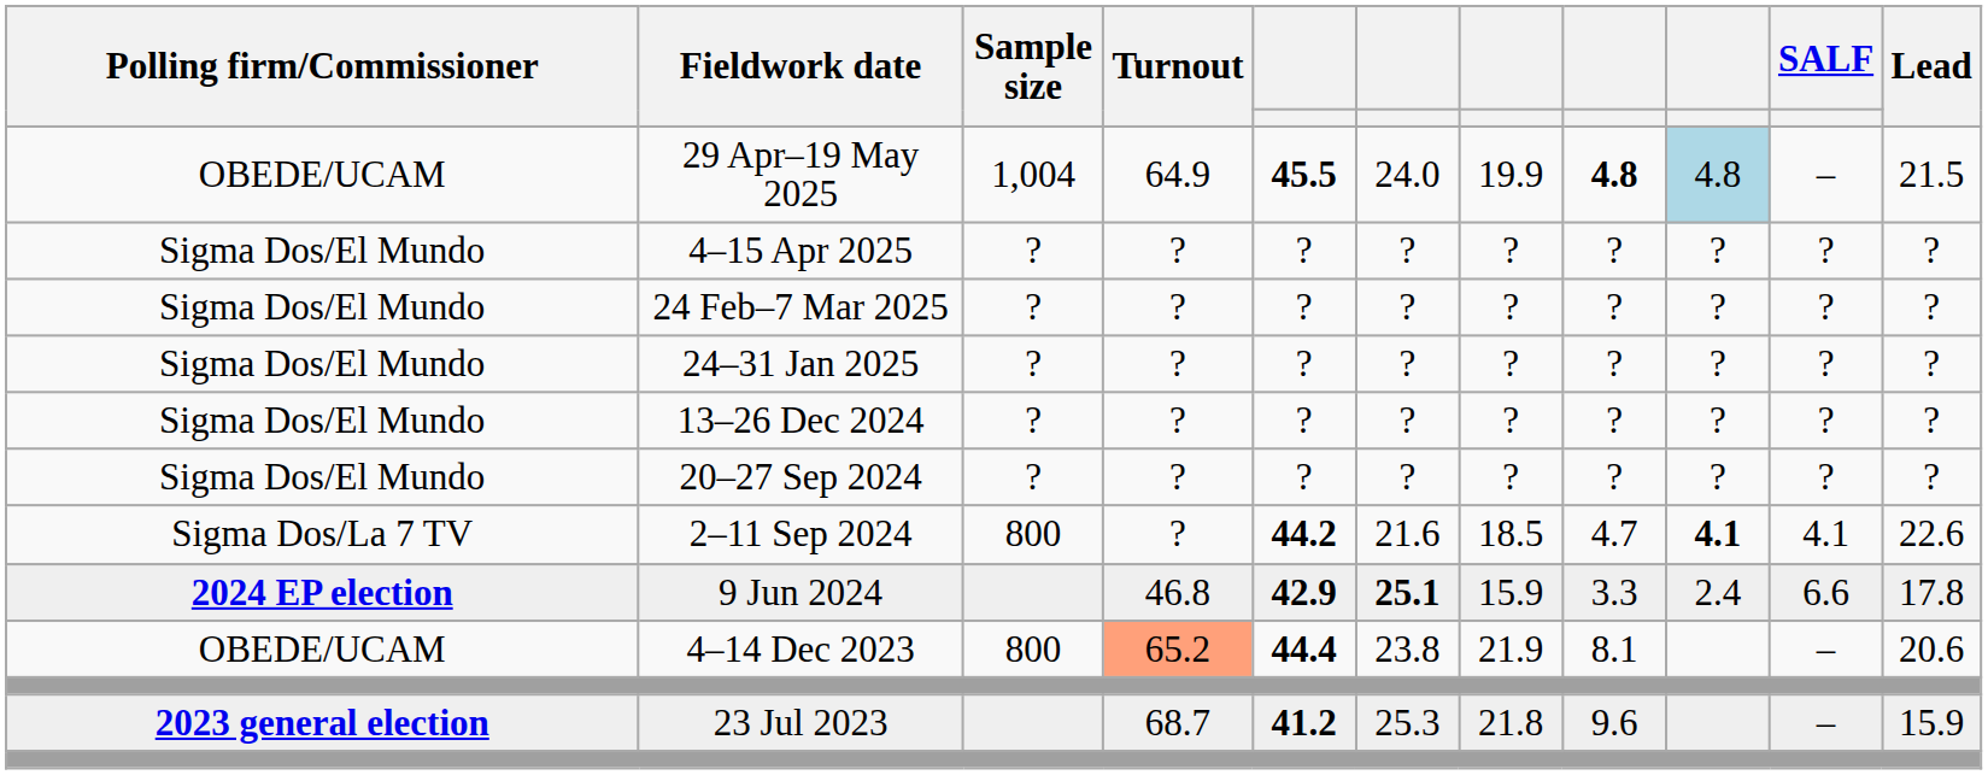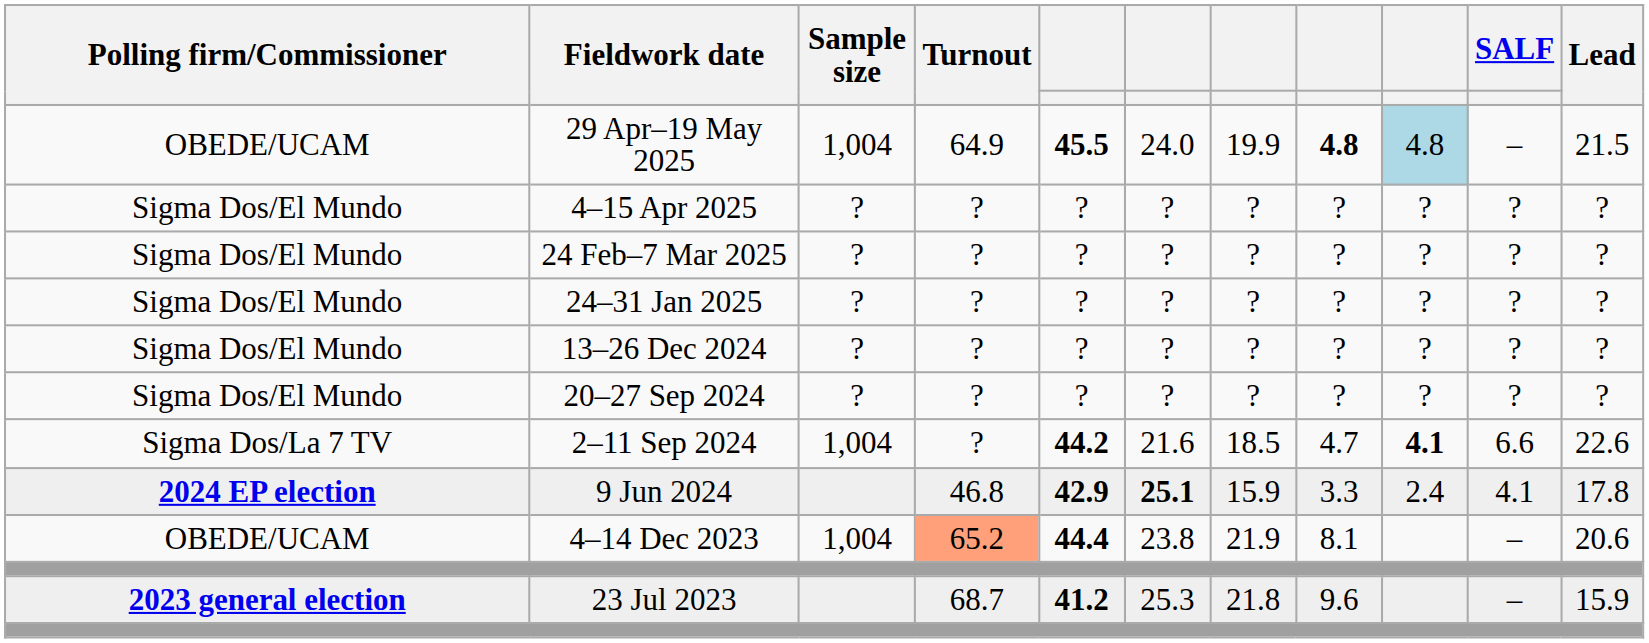 <table class="wikitable collapsible collapsed" style="text-align:center; font-size:95%; line-height:16px;">
 <tr style="height:42px;">
 <th style="width:250px;" rowspan="2">Polling firm/Commissioner</th>
 <th style="width:125px;" rowspan="2">Fieldwork date</th>
 <th style="width:50px;" rowspan="2">Sample size</th>
 <th style="width:45px;" rowspan="2">Turnout</th>
 <th style="width:35px;"></th>
 <th style="width:35px;"></th>
 <th style="width:35px;"></th>
 <th style="width:35px;"></th>
 <th style="width:35px;"></th>
 <th style="width:35px;"><a href='#'>SALF</a></th>
 <th style="width:30px;" rowspan="2">Lead</th>
 </tr>
 <tr>
 <th style="color:inherit;background:"></th>
 <th style="color:inherit;background:"></th>
 <th style="color:inherit;background:"></th>
 <th style="color:inherit;background:"></th>
 <th style="color:inherit;background:"></th>
 <th style="color:inherit;background:"></th>
 </tr>
 <tr>
 <td>OBEDE/UCAM</td>
 <td>29 Apr–19 May 2025</td>
 <td>1,004</td>
 <td>64.9</td>
 <td><strong>45.5</strong><br></td>
 <td>24.0<br></td>
 <td>19.9<br></td>
 <td><strong>4.8<br></strong></td>
 <td style="background: lightblue;">4.8<br></td>
 <td>–</td>
 <td style="background:">21.5</td>
 </tr>
 <tr>
 <td>Sigma Dos/El Mundo</td>
 <td>4–15 Apr 2025</td>
 <td>?</td>
 <td>?</td>
 <td>?<br></td>
 <td>?<br></td>
 <td>?<br></td>
 <td>?<br></td>
 <td>?<br></td>
 <td>?<br></td>
 <td style="background:">?</td>
 </tr>
 <tr>
 <td>Sigma Dos/El Mundo</td>
 <td>24 Feb–7 Mar 2025</td>
 <td>?</td>
 <td>?</td>
 <td>?<br></td>
 <td>?<br></td>
 <td>?<br></td>
 <td>?<br></td>
 <td>?<br></td>
 <td>?<br></td>
 <td style="background:">?</td>
 </tr>
 <tr>
 <td>Sigma Dos/El Mundo</td>
 <td>24–31 Jan 2025</td>
 <td>?</td>
 <td>?</td>
 <td>?<br></td>
 <td>?<br></td>
 <td>?<br></td>
 <td>?<br></td>
 <td>?<br></td>
 <td>?<br></td>
 <td style="background:">?</td>
 </tr>
 <tr>
 <td>Sigma Dos/El Mundo</td>
 <td>13–26 Dec 2024</td>
 <td>?</td>
 <td>?</td>
 <td>?<br></td>
 <td>?<br></td>
 <td>?<br></td>
 <td>?<br></td>
 <td>?<br></td>
 <td>?<br></td>
 <td style="background:">?</td>
 </tr>
 <tr>
 <td>Sigma Dos/El Mundo</td>
 <td>20–27 Sep 2024</td>
 <td>?</td>
 <td>?</td>
 <td>?<br></td>
 <td>?<br></td>
 <td>?<br></td>
 <td>?<br></td>
 <td>?<br></td>
 <td>?<br></td>
 <td style="background:">?</td>
 </tr>
 <tr>
 <td>Sigma Dos/La 7 TV</td>
 <td>2–11 Sep 2024</td>
-<td>800</td>
+<td>1,004</td>
 <td>?</td>
 <td><strong>44.2</strong><br></td>
 <td>21.6<br></td>
 <td>18.5<br></td>
 <td>4.7<br></td>
 <td><strong>4.1<br></strong></td>
-<td>4.1<br></td>
+<td>6.6<br></td>
 <td style="background:">22.6</td>
 </tr>
 <tr style="background:#EFEFEF;">
 <td><strong><a href='#'>2024 EP election</a></strong></td>
 <td>9 Jun 2024</td>
 <td></td>
 <td>46.8</td>
 <td><strong>42.9</strong><br></td>
 <td><strong>25.1<br></strong></td>
 <td>15.9<br></td>
 <td>3.3<br></td>
 <td>2.4<br></td>
-<td>6.6<br></td>
+<td>4.1<br></td>
 <td style="background:">17.8</td>
 </tr>
 <tr>
 <td>OBEDE/UCAM</td>
 <td>4–14 Dec 2023</td>
-<td>800</td>
+<td>1,004</td>
 <td style="background: lightsalmon;">65.2</td>
 <td><strong>44.4</strong><br></td>
 <td>23.8<br></td>
 <td>21.9<br></td>
 <td>8.1<br></td>
 <td></td>
 <td>–</td>
 <td style="background:">20.6</td>
 </tr>
 <tr>
 <td colspan="11" style="background:#A0A0A0"></td>
 </tr>
 <tr style="background:#EFEFEF;">
 <td><strong><a href='#'>2023 general election</a></strong></td>
 <td>23 Jul 2023</td>
 <td></td>
 <td>68.7</td>
 <td><strong>41.2</strong><br></td>
 <td>25.3<br></td>
 <td>21.8<br></td>
 <td>9.6<br></td>
 <td></td>
 <td>–</td>
 <td style="background:">15.9</td>
 </tr>
 <tr>
 <td colspan="11" style="background:#A0A0A0"></td>
 </tr>
 </table>
